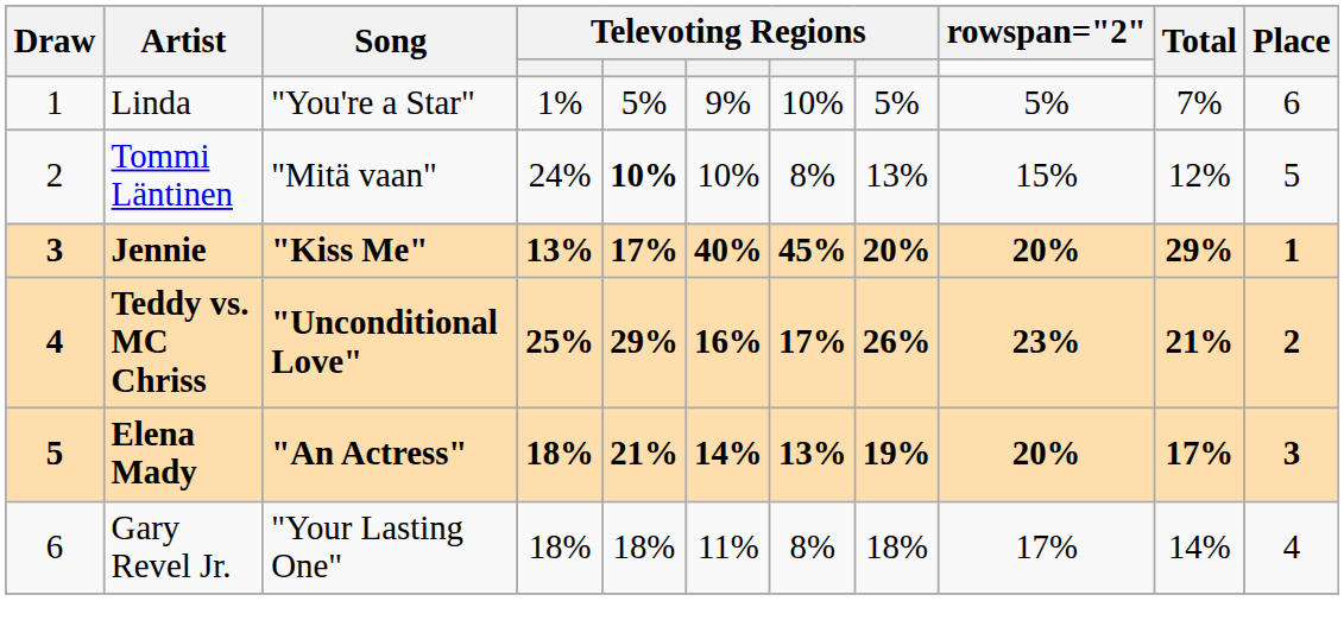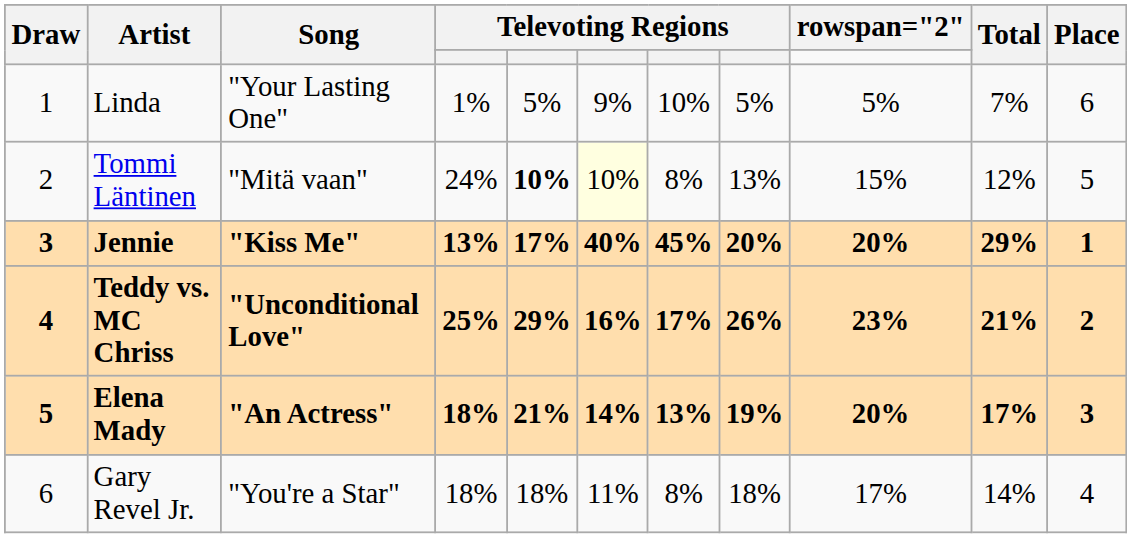 <table class="sortable wikitable" style="margin: 1em auto 1em auto; text-align:center;">
 <tr>
 <th rowspan="2">Draw</th>
 <th rowspan="2">Artist</th>
 <th rowspan="2">Song</th>
 <th colspan="5">Televoting Regions</th>
 <th>rowspan="2" </th>
 <th rowspan="2">Total</th>
 <th rowspan="2">Place</th>
 </tr>
 <tr>
 <th></th>
 <th></th>
 <th></th>
 <th></th>
 <th></th>
 </tr>
 <tr>
 <td>1</td>
 <td align="left">Linda</td>
-<td align="left">"You're a Star"</td>
+<td align="left">"Your Lasting One"</td>
 <td>1%</td>
 <td>5%</td>
 <td>9%</td>
 <td>10%</td>
 <td>5%</td>
 <td>5%</td>
 <td>7%</td>
 <td>6</td>
 </tr>
 <tr>
 <td>2</td>
 <td align="left"><a href='#'>Tommi Läntinen</a></td>
 <td align="left">"Mitä vaan"</td>
 <td>24%</td>
 <td><strong>10%</strong></td>
-<td>10%</td>
+<td style="background: lightyellow;">10%</td>
 <td>8%</td>
 <td>13%</td>
 <td>15%</td>
 <td>12%</td>
 <td>5</td>
 </tr>
 <tr style="font-weight:bold; background:navajowhite;">
 <td>3</td>
 <td align="left">Jennie</td>
 <td align="left">"Kiss Me"</td>
 <td>13%</td>
 <td>17%</td>
 <td>40%</td>
 <td>45%</td>
 <td>20%</td>
 <td>20%</td>
 <td>29%</td>
 <td>1</td>
 </tr>
 <tr style="font-weight:bold; background:navajowhite;">
 <td>4</td>
 <td align="left">Teddy vs. MC Chriss</td>
 <td align="left">"Unconditional Love"</td>
 <td>25%</td>
 <td>29%</td>
 <td>16%</td>
 <td>17%</td>
 <td>26%</td>
 <td>23%</td>
 <td>21%</td>
 <td>2</td>
 </tr>
 <tr style="font-weight:bold; background:navajowhite;">
 <td>5</td>
 <td align="left">Elena Mady</td>
 <td align="left">"An Actress"</td>
 <td>18%</td>
 <td>21%</td>
 <td>14%</td>
 <td>13%</td>
 <td>19%</td>
 <td>20%</td>
 <td>17%</td>
 <td>3</td>
 </tr>
 <tr>
 <td>6</td>
 <td align="left">Gary Revel Jr.</td>
-<td align="left">"Your Lasting One"</td>
+<td align="left">"You're a Star"</td>
 <td>18%</td>
 <td>18%</td>
 <td>11%</td>
 <td>8%</td>
 <td>18%</td>
 <td>17%</td>
 <td>14%</td>
 <td>4</td>
 </tr>
 </table>
